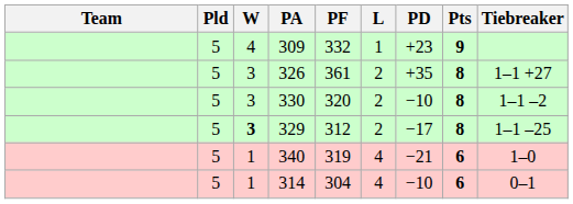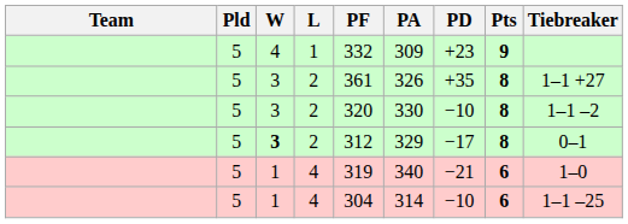 <table class="wikitable" style="text-align:center;">
 <tr>
 <th width=170>Team</th>
 <th width=25>Pld</th>
 <th width=25>W</th>
+<th width=25>L</th>
+<th width=35>PF</th>
 <th width=35>PA</th>
-<th width=35>PF</th>
-<th width=25>L</th>
 <th width=35>PD</th>
 <th width=25>Pts</th>
 <th width=50>Tiebreaker</th>
 </tr>
 <tr bgcolor=ccffcc>
 <td align="left"></td>
 <td>5</td>
 <td>4</td>
+<td>1</td>
+<td>332</td>
 <td>309</td>
-<td>332</td>
-<td>1</td>
 <td>+23</td>
 <td><strong>9</strong></td>
 <td></td>
 </tr>
 <tr bgcolor=ccffcc>
 <td align="left"></td>
 <td>5</td>
 <td>3</td>
+<td>2</td>
+<td>361</td>
 <td>326</td>
-<td>361</td>
-<td>2</td>
 <td>+35</td>
 <td><strong>8</strong></td>
 <td>1–1 +27</td>
 </tr>
 <tr bgcolor=ccffcc>
 <td align="left"></td>
 <td>5</td>
 <td>3</td>
+<td>2</td>
+<td>320</td>
 <td>330</td>
-<td>320</td>
-<td>2</td>
 <td>−10</td>
 <td><strong>8</strong></td>
 <td>1–1 –2</td>
 </tr>
 <tr bgcolor=ccffcc>
 <td align="left"></td>
 <td>5</td>
 <td><strong>3</strong></td>
+<td>2</td>
+<td>312</td>
 <td>329</td>
-<td>312</td>
-<td>2</td>
 <td>−17</td>
 <td><strong>8</strong></td>
-<td>1–1 –25</td>
+<td>0–1</td>
 </tr>
 <tr bgcolor=ffcccc>
 <td align="left"></td>
 <td>5</td>
 <td>1</td>
+<td>4</td>
+<td>319</td>
 <td>340</td>
-<td>319</td>
-<td>4</td>
 <td>−21</td>
 <td><strong>6</strong></td>
 <td>1–0</td>
 </tr>
 <tr bgcolor=ffcccc>
 <td align="left"></td>
 <td>5</td>
 <td>1</td>
+<td>4</td>
+<td>304</td>
 <td>314</td>
-<td>304</td>
-<td>4</td>
 <td>−10</td>
 <td><strong>6</strong></td>
-<td>0–1</td>
+<td>1–1 –25</td>
 </tr>
 </table>
